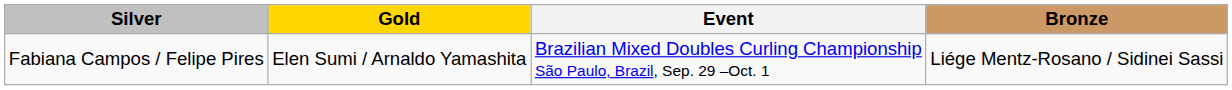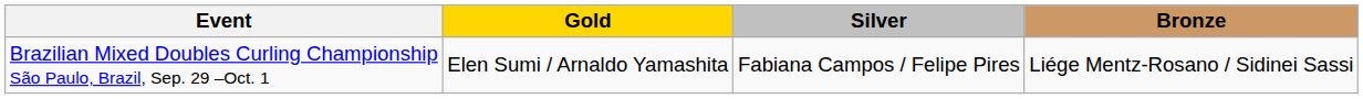 <table class="wikitable">
 <tr>
+<th>Event</th>
+<th style="background:gold">Gold</th>
 <th style="background:silver">Silver</th>
-<th style="background:gold">Gold</th>
-<th>Event</th>
 <th style="background:#cc9966">Bronze</th>
 </tr>
 <tr>
+<td><a href='#'>Brazilian Mixed Doubles Curling Championship</a> <br> <small><a href='#'>São Paulo, Brazil</a>, Sep. 29 –Oct. 1</small></td>
+<td>Elen Sumi / Arnaldo Yamashita</td>
 <td>Fabiana Campos / Felipe Pires</td>
-<td>Elen Sumi / Arnaldo Yamashita</td>
-<td><a href='#'>Brazilian Mixed Doubles Curling Championship</a> <br> <small><a href='#'>São Paulo, Brazil</a>, Sep. 29 –Oct. 1</small></td>
 <td>Liége Mentz-Rosano / Sidinei Sassi</td>
 </tr>
 </table>
